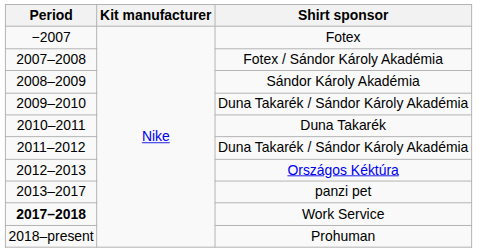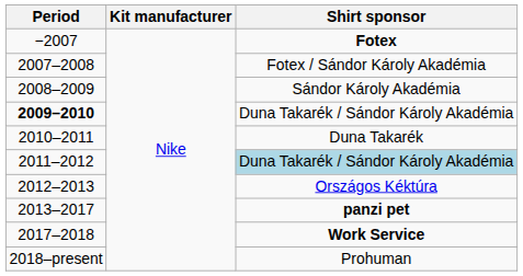 <table class="wikitable" style="text-align:center;margin-left:1em">
 <tr>
 <th>Period</th>
 <th>Kit manufacturer</th>
 <th>Shirt sponsor</th>
 </tr>
 <tr>
 <td>−2007</td>
 <td rowspan=10><a href='#'>Nike</a></td>
-<td>Fotex</td>
+<td><strong>Fotex</strong></td>
 </tr>
 <tr>
 <td>2007–2008</td>
 <td>Fotex / Sándor Károly Akadémia</td>
 </tr>
 <tr>
 <td>2008–2009</td>
 <td>Sándor Károly Akadémia</td>
 </tr>
 <tr>
-<td>2009–2010</td>
+<td><strong>2009–2010</strong></td>
 <td>Duna Takarék / Sándor Károly Akadémia</td>
 </tr>
 <tr>
 <td>2010–2011</td>
 <td>Duna Takarék</td>
 </tr>
 <tr>
 <td>2011–2012</td>
-<td>Duna Takarék / Sándor Károly Akadémia</td>
+<td style="background: lightblue;">Duna Takarék / Sándor Károly Akadémia</td>
 </tr>
 <tr>
 <td>2012–2013</td>
 <td><a href='#'>Országos Kéktúra</a></td>
 </tr>
 <tr>
 <td>2013–2017</td>
-<td>panzi pet</td>
+<td><strong>panzi pet</strong></td>
 </tr>
 <tr>
-<td><strong>2017–2018</strong></td>
-<td>Work Service</td>
+<td>2017–2018</td>
+<td><strong>Work Service</strong></td>
 </tr>
 <tr>
 <td>2018–present</td>
 <td>Prohuman</td>
 </tr>
 </table>
